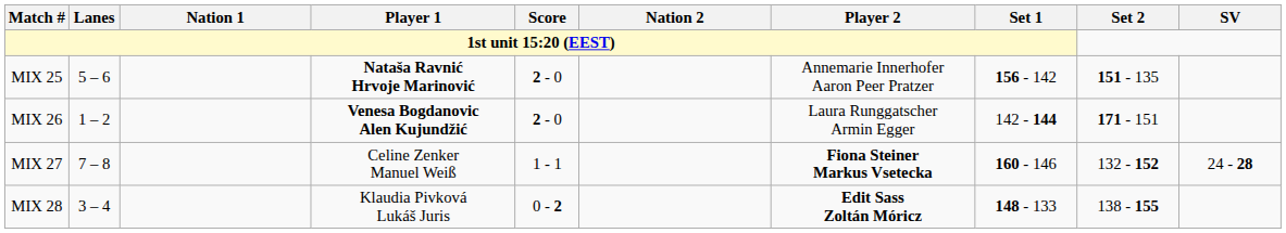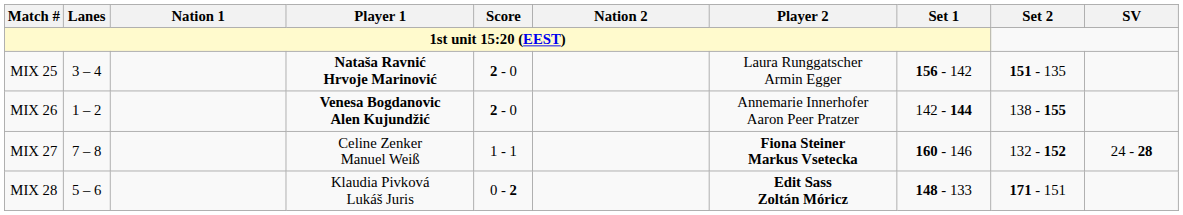 <table class="wikitable">
 <tr>
 <th width="5%">Match #</th>
 <th width="4%">Lanes</th>
 <th width="15%">Nation 1</th>
 <th width="16%">Player 1</th>
 <th width="5%">Score</th>
 <th width="15%">Nation 2</th>
 <th width="16%">Player 2</th>
 <th width="8%">Set 1</th>
 <th width="8%">Set 2</th>
 <th width="8%">SV</th>
 </tr>
 <tr>
 <td colspan="8" style="text-align:center; background-color:#FFFACD"><strong>1st unit 15:20 (<a href='#'>EEST</a>)</strong></td>
 </tr>
 <tr style=text-align:center;"background:#;">
 <td>MIX 25</td>
-<td>5 – 6</td>
+<td>3 – 4</td>
 <td></td>
 <td><strong>Nataša Ravnić <br> Hrvoje Marinović</strong></td>
 <td><strong>2</strong> - 0</td>
 <td></td>
-<td>Annemarie Innerhofer <br> Aaron Peer Pratzer</td>
+<td>Laura Runggatscher <br> Armin Egger</td>
 <td><strong>156</strong> - 142</td>
 <td><strong>151</strong> - 135</td>
 <td></td>
 </tr>
 <tr style=text-align:center;"background:#;">
 <td>MIX 26</td>
 <td>1 – 2</td>
 <td></td>
 <td><strong>Venesa Bogdanovic <br> Alen Kujundžić</strong></td>
 <td><strong>2</strong> - 0</td>
 <td></td>
-<td>Laura Runggatscher <br> Armin Egger</td>
+<td>Annemarie Innerhofer <br> Aaron Peer Pratzer</td>
 <td>142 - <strong>144</strong></td>
-<td><strong>171</strong> - 151</td>
+<td>138 - <strong>155</strong></td>
 <td></td>
 </tr>
 <tr style=text-align:center;"background:#;">
 <td>MIX 27</td>
 <td>7 – 8</td>
 <td></td>
 <td>Celine Zenker <br> Manuel Weiß</td>
 <td>1 - 1</td>
 <td></td>
 <td><strong>Fiona Steiner <br> Markus Vsetecka</strong></td>
 <td><strong>160</strong> - 146</td>
 <td>132 - <strong>152</strong></td>
 <td>24 - <strong>28</strong></td>
 </tr>
 <tr style=text-align:center;"background:#;">
 <td>MIX 28</td>
-<td>3 – 4</td>
+<td>5 – 6</td>
 <td></td>
 <td>Klaudia Pivková <br> Lukáš Juris</td>
 <td>0 - <strong>2</strong></td>
 <td></td>
 <td><strong>Edit Sass <br> Zoltán Móricz</strong></td>
 <td><strong>148</strong> - 133</td>
-<td>138 - <strong>155</strong></td>
+<td><strong>171</strong> - 151</td>
 <td></td>
 </tr>
 </table>
